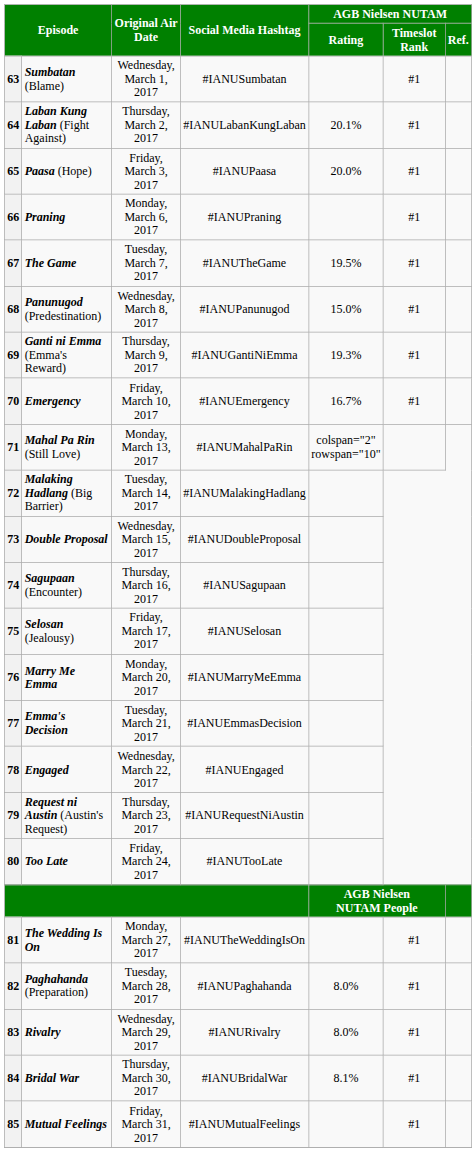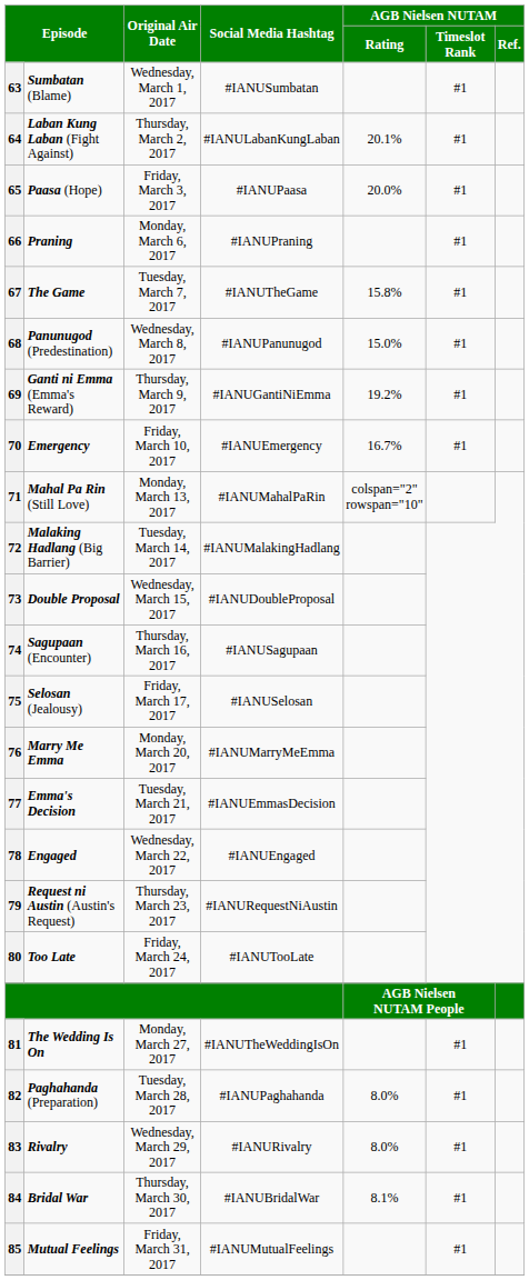 <table class="wikitable" style="text-align:center; font-size:100%; line-height:18px;"  width="100%">
 <tr>
 <th colspan="2" rowspan="2" style="background-color:#008000; color:#ffffff;">Episode</th>
 <th style="background:#008000; color:white" rowspan="2">Original Air Date</th>
 <th style="background:#008000; color:white" rowspan="2">Social Media Hashtag</th>
 <th style="background-color:#008000; color:#ffffff;" colspan="3">AGB Nielsen NUTAM</th>
 </tr>
 <tr>
 <th style="background-color:#008000; width:75px; color:#ffffff;">Rating</th>
 <th style="background-color:#008000; width:75px; color:#ffffff;">Timeslot<br>Rank</th>
 <th style="background-color:#008000; color:#ffffff;">Ref.</th>
 </tr>
 <tr>
 <th>63</th>
 <td style="text-align: left;"><strong><em>Sumbatan</em></strong> (Blame)</td>
 <td>Wednesday, March 1, 2017</td>
 <td>#IANUSumbatan</td>
 <td></td>
 <td>#1</td>
 <td></td>
 </tr>
 <tr>
 <th>64</th>
 <td style="text-align: left;"><strong><em>Laban Kung Laban</em></strong> (Fight Against)</td>
 <td>Thursday, March 2, 2017</td>
 <td>#IANULabanKungLaban</td>
 <td>20.1%</td>
 <td>#1</td>
 <td></td>
 </tr>
 <tr>
 <th>65</th>
 <td style="text-align: left;"><strong><em>Paasa</em></strong> (Hope)</td>
 <td>Friday, March 3, 2017</td>
 <td>#IANUPaasa</td>
 <td>20.0%</td>
 <td>#1</td>
 <td></td>
 </tr>
 <tr>
 <th>66</th>
 <td style="text-align: left;"><strong><em>Praning</em></strong></td>
 <td>Monday, March 6, 2017</td>
 <td>#IANUPraning</td>
 <td></td>
 <td>#1</td>
 <td></td>
 </tr>
 <tr>
 <th>67</th>
 <td style="text-align: left;"><strong><em>The Game</em></strong></td>
 <td>Tuesday, March 7, 2017</td>
 <td>#IANUTheGame</td>
-<td>19.5%</td>
+<td>15.8%</td>
 <td>#1</td>
 <td></td>
 </tr>
 <tr>
 <th>68</th>
 <td style="text-align: left;"><strong><em>Panunugod</em></strong> (Predestination)</td>
 <td>Wednesday, March 8, 2017</td>
 <td>#IANUPanunugod</td>
 <td>15.0%</td>
 <td>#1</td>
 <td></td>
 </tr>
 <tr>
 <th>69</th>
 <td style="text-align: left;"><strong><em>Ganti ni Emma</em></strong> (Emma's Reward)</td>
 <td>Thursday, March 9, 2017</td>
 <td>#IANUGantiNiEmma</td>
-<td>19.3%</td>
+<td>19.2%</td>
 <td>#1</td>
 <td></td>
 </tr>
 <tr>
 <th>70</th>
 <td style="text-align: left;"><strong><em>Emergency</em></strong></td>
 <td>Friday, March 10, 2017</td>
 <td>#IANUEmergency</td>
 <td>16.7%</td>
 <td>#1</td>
 <td></td>
 </tr>
 <tr>
 <th>71</th>
 <td style="text-align: left;"><strong><em>Mahal Pa Rin</em></strong> (Still Love)</td>
 <td>Monday, March 13, 2017</td>
 <td>#IANUMahalPaRin</td>
 <td>colspan="2" rowspan="10" </td>
 <td></td>
 </tr>
 <tr>
 <th>72</th>
 <td style="text-align: left;"><strong><em>Malaking Hadlang</em></strong> (Big Barrier)</td>
 <td>Tuesday, March 14, 2017</td>
 <td>#IANUMalakingHadlang</td>
 <td></td>
 </tr>
 <tr>
 <th>73</th>
 <td style="text-align: left;"><strong><em>Double Proposal</em></strong></td>
 <td>Wednesday, March 15, 2017</td>
 <td>#IANUDoubleProposal</td>
 <td></td>
 </tr>
 <tr>
 <th>74</th>
 <td style="text-align: left;"><strong><em>Sagupaan</em></strong> (Encounter)</td>
 <td>Thursday, March 16, 2017</td>
 <td>#IANUSagupaan</td>
 <td></td>
 </tr>
 <tr>
 <th>75</th>
 <td style="text-align: left;"><strong><em>Selosan</em></strong> (Jealousy)</td>
 <td>Friday, March 17, 2017</td>
 <td>#IANUSelosan</td>
 <td></td>
 </tr>
 <tr>
 <th>76</th>
 <td style="text-align: left;"><strong><em>Marry Me Emma</em></strong></td>
 <td>Monday, March 20, 2017</td>
 <td>#IANUMarryMeEmma</td>
 <td></td>
 </tr>
 <tr>
 <th>77</th>
 <td style="text-align: left;"><strong><em>Emma's Decision</em></strong></td>
 <td>Tuesday, March 21, 2017</td>
 <td>#IANUEmmasDecision</td>
 <td></td>
 </tr>
 <tr>
 <th>78</th>
 <td style="text-align: left;"><strong><em>Engaged</em></strong></td>
 <td>Wednesday, March 22, 2017</td>
 <td>#IANUEngaged</td>
 <td></td>
 </tr>
 <tr>
 <th>79</th>
 <td style="text-align: left;"><strong><em>Request ni Austin</em></strong> (Austin's Request)</td>
 <td>Thursday, March 23, 2017</td>
 <td>#IANURequestNiAustin</td>
 <td></td>
 </tr>
 <tr>
 <th>80</th>
 <td style="text-align: left;"><strong><em>Too Late</em></strong></td>
 <td>Friday, March 24, 2017</td>
 <td>#IANUTooLate</td>
 <td></td>
 </tr>
 <tr>
 </tr>
 <tr>
 <td colspan="4" rowspan="2" style="background:#008000; color:#ffffff"></td>
 </tr>
 <tr>
 <th colspan="2" style="background:#008000; color:#ffffff">AGB Nielsen<br>NUTAM People</th>
 <td rowspan="1" style="background:#008000; color:#ffffff"></td>
 </tr>
 <tr>
 <th>81</th>
 <td style="text-align: left;"><strong><em>The Wedding Is On</em></strong></td>
 <td>Monday, March 27, 2017</td>
 <td>#IANUTheWeddingIsOn</td>
 <td></td>
 <td>#1</td>
 <td></td>
 </tr>
 <tr>
 <th>82</th>
 <td style="text-align: left;"><strong><em>Paghahanda</em></strong> (Preparation)</td>
 <td>Tuesday, March 28, 2017</td>
 <td>#IANUPaghahanda</td>
 <td>8.0%</td>
 <td>#1</td>
 <td></td>
 </tr>
 <tr>
 <th>83</th>
 <td style="text-align: left;"><strong><em>Rivalry</em></strong></td>
 <td>Wednesday, March 29, 2017</td>
 <td>#IANURivalry</td>
 <td>8.0%</td>
 <td>#1</td>
 <td></td>
 </tr>
 <tr>
 <th>84</th>
 <td style="text-align: left;"><strong><em>Bridal War</em></strong></td>
 <td>Thursday, March 30, 2017</td>
 <td>#IANUBridalWar</td>
 <td>8.1%</td>
 <td>#1</td>
 <td></td>
 </tr>
 <tr>
 <th>85</th>
 <td style="text-align: left;"><strong><em>Mutual Feelings</em></strong></td>
 <td>Friday, March 31, 2017</td>
 <td>#IANUMutualFeelings</td>
 <td></td>
 <td>#1</td>
 <td></td>
 </tr>
 <tr>
 </tr>
 </table>
